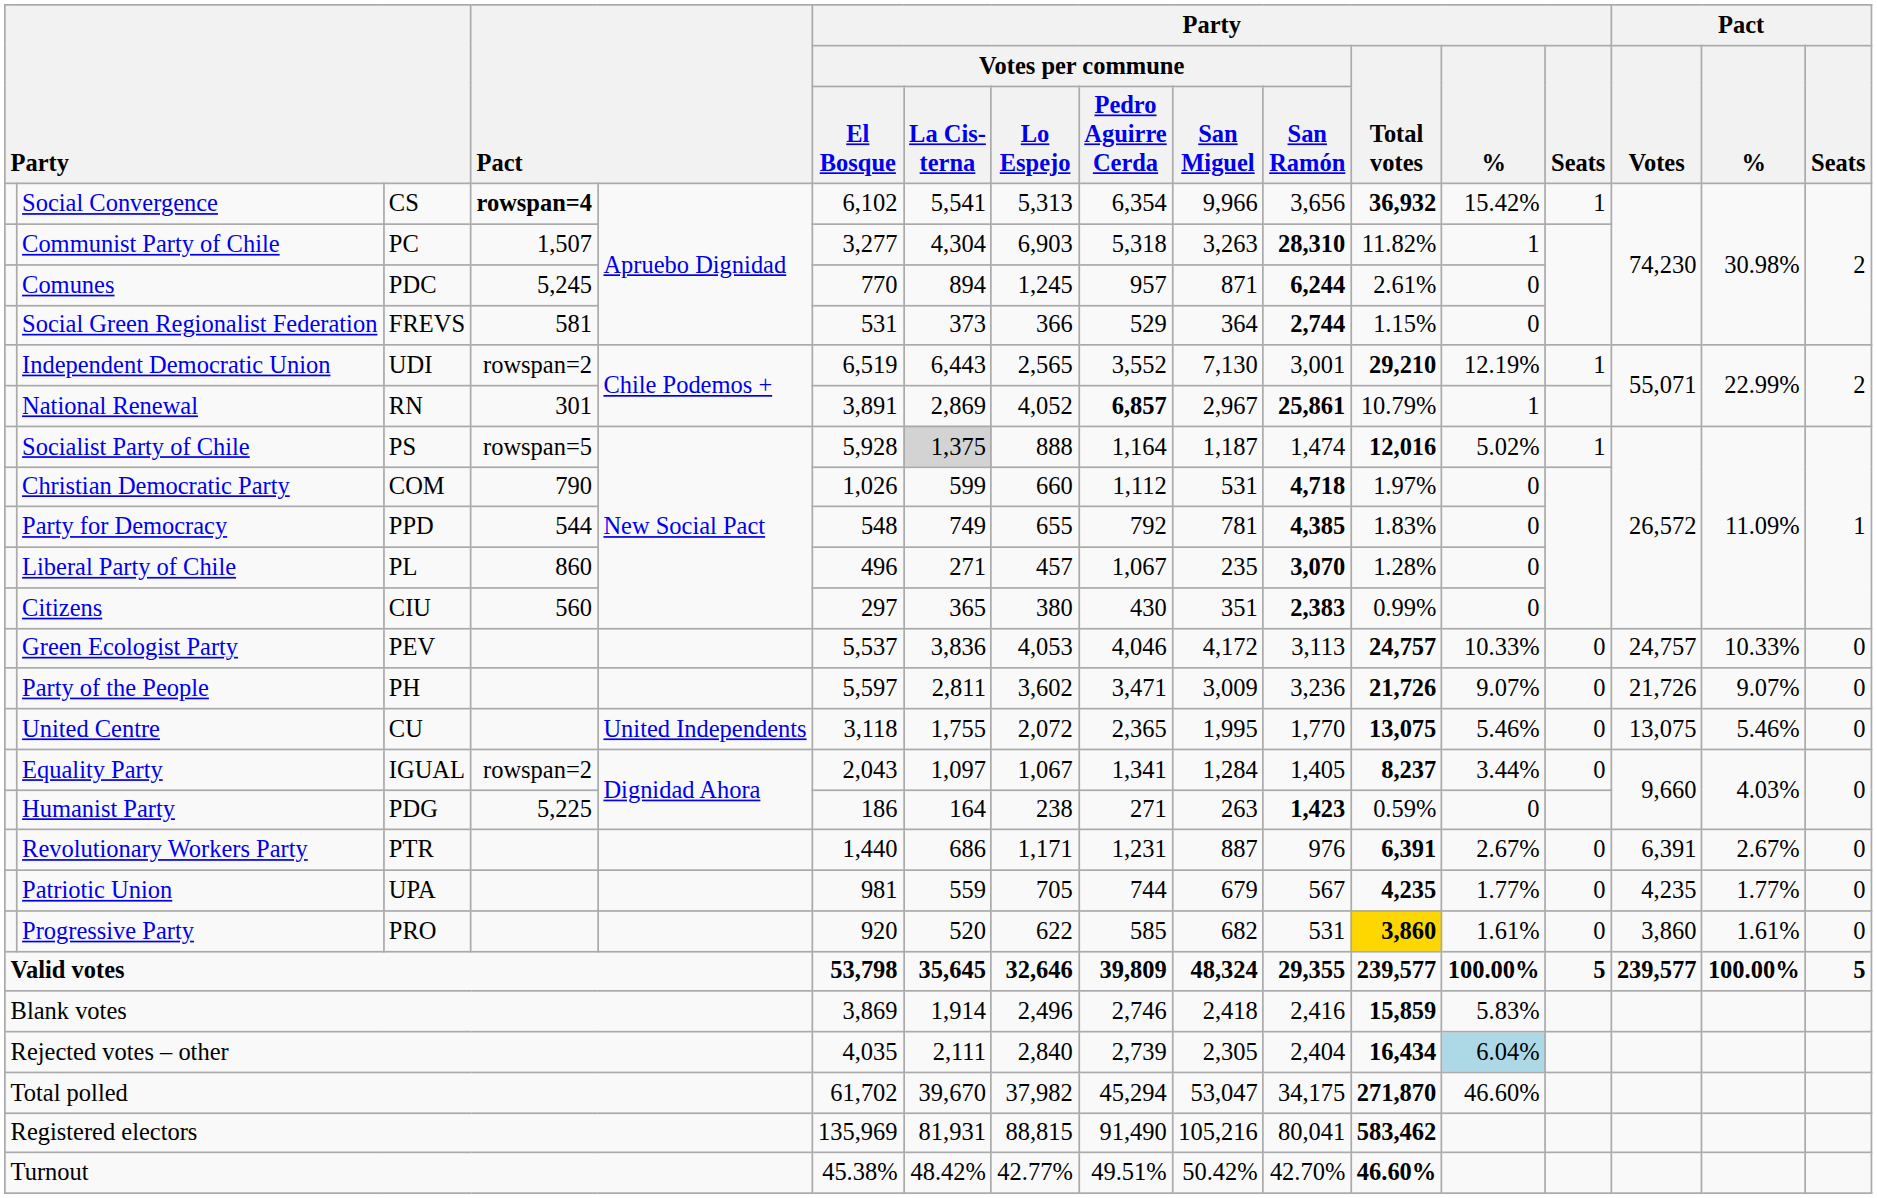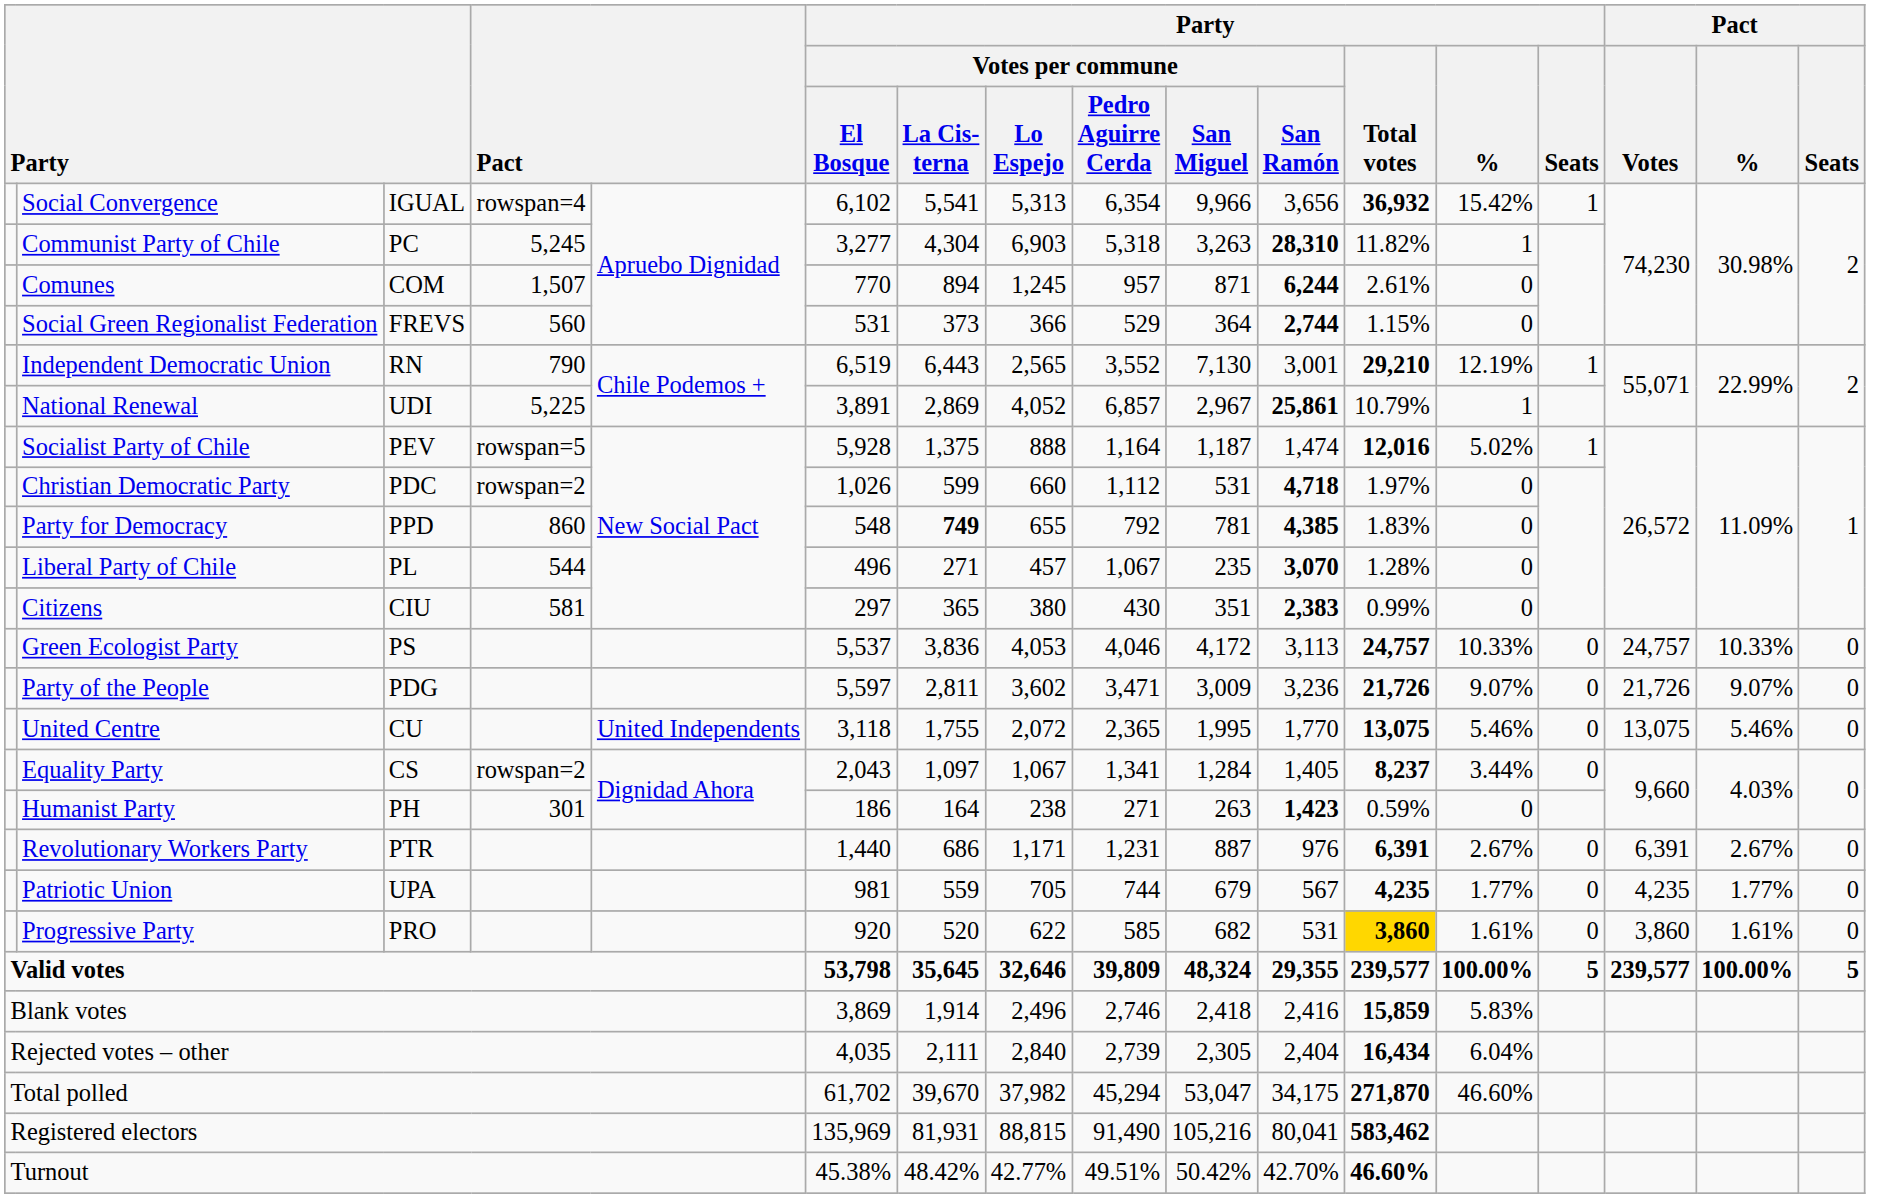 <table class="wikitable" border="1" style="font-size:90%; text-align:right; white-space: nowrap;">
 <tr>
 <th style="text-align:left;" valign=bottom rowspan=3 colspan=3>Party</th>
 <th style="text-align:left;" valign=bottom rowspan=3 colspan=2>Pact</th>
 <th colspan=9>Party</th>
 <th colspan=3>Pact</th>
 </tr>
 <tr>
 <th colspan=6>Votes per commune</th>
 <th align=center valign=bottom rowspan=2 width="40">Total<br>votes</th>
 <th align=center valign=bottom rowspan=2 width="40">%</th>
 <th align=center valign=bottom rowspan=2>Seats</th>
 <th align=center valign=bottom rowspan=2 width="40">Votes</th>
 <th align=center valign=bottom rowspan=2 width="40">%</th>
 <th align=center valign=bottom rowspan=2>Seats</th>
 </tr>
 <tr>
 <th align=center valign=bottom width="40"><a href='#'>El<br>Bosque</a></th>
 <th align=center valign=bottom width="40"><a href='#'>La Cis-<br>terna</a></th>
 <th align=center valign=bottom width="40"><a href='#'>Lo<br>Espejo</a></th>
 <th align=center valign=bottom width="40"><a href='#'>Pedro<br>Aguirre<br>Cerda</a></th>
 <th align=center valign=bottom width="40"><a href='#'>San<br>Miguel</a></th>
 <th align=center valign=bottom width="40"><a href='#'>San<br>Ramón</a></th>
 </tr>
 <tr>
 <td></td>
 <td align=left><a href='#'>Social Convergence</a></td>
-<td align=left>CS</td>
-<td><strong>rowspan=4 </strong></td>
+<td align=left>IGUAL</td>
+<td>rowspan=4 </td>
 <td rowspan=4 align=left><a href='#'>Apruebo Dignidad</a></td>
 <td>6,102</td>
 <td>5,541</td>
 <td>5,313</td>
 <td>6,354</td>
 <td>9,966</td>
 <td>3,656</td>
 <td><strong>36,932</strong></td>
 <td>15.42%</td>
 <td>1</td>
 <td rowspan=4>74,230</td>
 <td rowspan=4>30.98%</td>
 <td rowspan=4>2</td>
 </tr>
 <tr>
 <td></td>
 <td align=left><a href='#'>Communist Party of Chile</a></td>
 <td align=left>PC</td>
-<td>1,507</td>
+<td>5,245</td>
 <td>3,277</td>
 <td>4,304</td>
 <td>6,903</td>
 <td>5,318</td>
 <td>3,263</td>
 <td><strong>28,310</strong></td>
 <td>11.82%</td>
 <td>1</td>
 </tr>
 <tr>
 <td></td>
 <td align=left><a href='#'>Comunes</a></td>
-<td align=left>PDC</td>
-<td>5,245</td>
+<td align=left>COM</td>
+<td>1,507</td>
 <td>770</td>
 <td>894</td>
 <td>1,245</td>
 <td>957</td>
 <td>871</td>
 <td><strong>6,244</strong></td>
 <td>2.61%</td>
 <td>0</td>
 </tr>
 <tr>
 <td></td>
 <td align=left><a href='#'>Social Green Regionalist Federation</a></td>
 <td align=left>FREVS</td>
-<td>581</td>
+<td>560</td>
 <td>531</td>
 <td>373</td>
 <td>366</td>
 <td>529</td>
 <td>364</td>
 <td><strong>2,744</strong></td>
 <td>1.15%</td>
 <td>0</td>
 </tr>
 <tr>
 <td></td>
 <td align=left><a href='#'>Independent Democratic Union</a></td>
-<td align=left>UDI</td>
-<td>rowspan=2 </td>
+<td align=left>RN</td>
+<td>790</td>
 <td rowspan=2 align=left><a href='#'>Chile Podemos +</a></td>
 <td>6,519</td>
 <td>6,443</td>
 <td>2,565</td>
 <td>3,552</td>
 <td>7,130</td>
 <td>3,001</td>
 <td><strong>29,210</strong></td>
 <td>12.19%</td>
 <td>1</td>
 <td rowspan=2>55,071</td>
 <td rowspan=2>22.99%</td>
 <td rowspan=2>2</td>
 </tr>
 <tr>
 <td></td>
 <td align=left><a href='#'>National Renewal</a></td>
-<td align=left>RN</td>
-<td>301</td>
+<td align=left>UDI</td>
+<td>5,225</td>
 <td>3,891</td>
 <td>2,869</td>
 <td>4,052</td>
-<td><strong>6,857</strong></td>
+<td>6,857</td>
 <td>2,967</td>
 <td><strong>25,861</strong></td>
 <td>10.79%</td>
 <td>1</td>
 </tr>
 <tr>
 <td></td>
 <td align=left><a href='#'>Socialist Party of Chile</a></td>
-<td align=left>PS</td>
+<td align=left>PEV</td>
 <td>rowspan=5 </td>
 <td rowspan=5 align=left><a href='#'>New Social Pact</a></td>
 <td>5,928</td>
-<td style="background: lightgrey;">1,375</td>
+<td>1,375</td>
 <td>888</td>
 <td>1,164</td>
 <td>1,187</td>
 <td>1,474</td>
 <td><strong>12,016</strong></td>
 <td>5.02%</td>
 <td>1</td>
 <td rowspan=5>26,572</td>
 <td rowspan=5>11.09%</td>
 <td rowspan=5>1</td>
 </tr>
 <tr>
 <td></td>
 <td align=left><a href='#'>Christian Democratic Party</a></td>
-<td align=left>COM</td>
-<td>790</td>
+<td align=left>PDC</td>
+<td>rowspan=2 </td>
 <td>1,026</td>
 <td>599</td>
 <td>660</td>
 <td>1,112</td>
 <td>531</td>
 <td><strong>4,718</strong></td>
 <td>1.97%</td>
 <td>0</td>
 </tr>
 <tr>
 <td></td>
 <td align=left><a href='#'>Party for Democracy</a></td>
 <td align=left>PPD</td>
-<td>544</td>
+<td>860</td>
 <td>548</td>
-<td>749</td>
+<td><strong>749</strong></td>
 <td>655</td>
 <td>792</td>
 <td>781</td>
 <td><strong>4,385</strong></td>
 <td>1.83%</td>
 <td>0</td>
 </tr>
 <tr>
 <td></td>
 <td align=left><a href='#'>Liberal Party of Chile</a></td>
 <td align=left>PL</td>
-<td>860</td>
+<td>544</td>
 <td>496</td>
 <td>271</td>
 <td>457</td>
 <td>1,067</td>
 <td>235</td>
 <td><strong>3,070</strong></td>
 <td>1.28%</td>
 <td>0</td>
 </tr>
 <tr>
 <td></td>
 <td align=left><a href='#'>Citizens</a></td>
 <td align=left>CIU</td>
-<td>560</td>
+<td>581</td>
 <td>297</td>
 <td>365</td>
 <td>380</td>
 <td>430</td>
 <td>351</td>
 <td><strong>2,383</strong></td>
 <td>0.99%</td>
 <td>0</td>
 </tr>
 <tr>
 <td></td>
 <td align=left><a href='#'>Green Ecologist Party</a></td>
-<td align=left>PEV</td>
+<td align=left>PS</td>
 <td></td>
 <td></td>
 <td>5,537</td>
 <td>3,836</td>
 <td>4,053</td>
 <td>4,046</td>
 <td>4,172</td>
 <td>3,113</td>
 <td><strong>24,757</strong></td>
 <td>10.33%</td>
 <td>0</td>
 <td>24,757</td>
 <td>10.33%</td>
 <td>0</td>
 </tr>
 <tr>
 <td></td>
 <td align=left><a href='#'>Party of the People</a></td>
-<td align=left>PH</td>
+<td align=left>PDG</td>
 <td></td>
 <td></td>
 <td>5,597</td>
 <td>2,811</td>
 <td>3,602</td>
 <td>3,471</td>
 <td>3,009</td>
 <td>3,236</td>
 <td><strong>21,726</strong></td>
 <td>9.07%</td>
 <td>0</td>
 <td>21,726</td>
 <td>9.07%</td>
 <td>0</td>
 </tr>
 <tr>
 <td></td>
 <td align=left><a href='#'>United Centre</a></td>
 <td align=left>CU</td>
 <td></td>
 <td align=left><a href='#'>United Independents</a></td>
 <td>3,118</td>
 <td>1,755</td>
 <td>2,072</td>
 <td>2,365</td>
 <td>1,995</td>
 <td>1,770</td>
 <td><strong>13,075</strong></td>
 <td>5.46%</td>
 <td>0</td>
 <td>13,075</td>
 <td>5.46%</td>
 <td>0</td>
 </tr>
 <tr>
 <td></td>
 <td align=left><a href='#'>Equality Party</a></td>
-<td align=left>IGUAL</td>
+<td align=left>CS</td>
 <td>rowspan=2 </td>
 <td rowspan=2 align=left><a href='#'>Dignidad Ahora</a></td>
 <td>2,043</td>
 <td>1,097</td>
 <td>1,067</td>
 <td>1,341</td>
 <td>1,284</td>
 <td>1,405</td>
 <td><strong>8,237</strong></td>
 <td>3.44%</td>
 <td>0</td>
 <td rowspan=2>9,660</td>
 <td rowspan=2>4.03%</td>
 <td rowspan=2>0</td>
 </tr>
 <tr>
 <td></td>
 <td align=left><a href='#'>Humanist Party</a></td>
-<td align=left>PDG</td>
-<td>5,225</td>
+<td align=left>PH</td>
+<td>301</td>
 <td>186</td>
 <td>164</td>
 <td>238</td>
 <td>271</td>
 <td>263</td>
 <td><strong>1,423</strong></td>
 <td>0.59%</td>
 <td>0</td>
 </tr>
 <tr>
 <td></td>
 <td align=left><a href='#'>Revolutionary Workers Party</a></td>
 <td align=left>PTR</td>
 <td></td>
 <td></td>
 <td>1,440</td>
 <td>686</td>
 <td>1,171</td>
 <td>1,231</td>
 <td>887</td>
 <td>976</td>
 <td><strong>6,391</strong></td>
 <td>2.67%</td>
 <td>0</td>
 <td>6,391</td>
 <td>2.67%</td>
 <td>0</td>
 </tr>
 <tr>
 <td></td>
 <td align=left><a href='#'>Patriotic Union</a></td>
 <td align=left>UPA</td>
 <td></td>
 <td></td>
 <td>981</td>
 <td>559</td>
 <td>705</td>
 <td>744</td>
 <td>679</td>
 <td>567</td>
 <td><strong>4,235</strong></td>
 <td>1.77%</td>
 <td>0</td>
 <td>4,235</td>
 <td>1.77%</td>
 <td>0</td>
 </tr>
 <tr>
 <td></td>
 <td align=left><a href='#'>Progressive Party</a></td>
 <td align=left>PRO</td>
 <td></td>
 <td></td>
 <td>920</td>
 <td>520</td>
 <td>622</td>
 <td>585</td>
 <td>682</td>
 <td>531</td>
 <td style="background: gold;"><strong>3,860</strong></td>
 <td>1.61%</td>
 <td>0</td>
 <td>3,860</td>
 <td>1.61%</td>
 <td>0</td>
 </tr>
 <tr style="font-weight:bold">
 <td align=left colspan=5>Valid votes</td>
 <td>53,798</td>
 <td>35,645</td>
 <td>32,646</td>
 <td>39,809</td>
 <td>48,324</td>
 <td>29,355</td>
 <td>239,577</td>
 <td>100.00%</td>
 <td>5</td>
 <td>239,577</td>
 <td>100.00%</td>
 <td>5</td>
 </tr>
 <tr>
 <td align=left colspan=5>Blank votes</td>
 <td>3,869</td>
 <td>1,914</td>
 <td>2,496</td>
 <td>2,746</td>
 <td>2,418</td>
 <td>2,416</td>
 <td><strong>15,859</strong></td>
 <td>5.83%</td>
 <td></td>
 <td></td>
 <td></td>
 <td></td>
 </tr>
 <tr>
 <td align=left colspan=5>Rejected votes – other</td>
 <td>4,035</td>
 <td>2,111</td>
 <td>2,840</td>
 <td>2,739</td>
 <td>2,305</td>
 <td>2,404</td>
 <td><strong>16,434</strong></td>
-<td style="background: lightblue;">6.04%</td>
+<td>6.04%</td>
 <td></td>
 <td></td>
 <td></td>
 <td></td>
 </tr>
 <tr>
 <td align=left colspan=5>Total polled</td>
 <td>61,702</td>
 <td>39,670</td>
 <td>37,982</td>
 <td>45,294</td>
 <td>53,047</td>
 <td>34,175</td>
 <td><strong>271,870</strong></td>
 <td>46.60%</td>
 <td></td>
 <td></td>
 <td></td>
 <td></td>
 </tr>
 <tr>
 <td align=left colspan=5>Registered electors</td>
 <td>135,969</td>
 <td>81,931</td>
 <td>88,815</td>
 <td>91,490</td>
 <td>105,216</td>
 <td>80,041</td>
 <td><strong>583,462</strong></td>
 <td></td>
 <td></td>
 <td></td>
 <td></td>
 <td></td>
 </tr>
 <tr>
 <td align=left colspan=5>Turnout</td>
 <td>45.38%</td>
 <td>48.42%</td>
 <td>42.77%</td>
 <td>49.51%</td>
 <td>50.42%</td>
 <td>42.70%</td>
 <td><strong>46.60%</strong></td>
 <td></td>
 <td></td>
 <td></td>
 <td></td>
 <td></td>
 </tr>
 </table>
